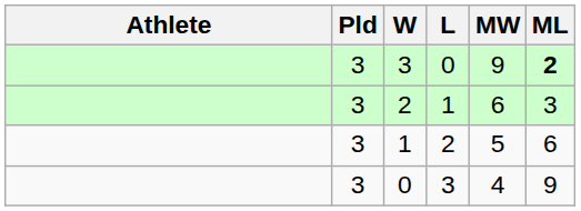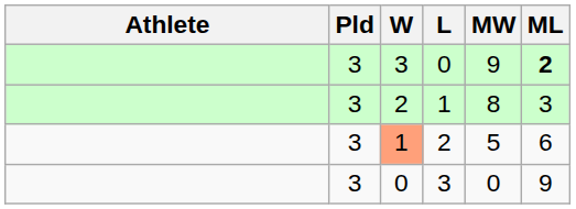 <table class="wikitable" style="text-align:center">
 <tr>
 <th width=200>Athlete</th>
 <th width=20>Pld</th>
 <th width=20>W</th>
 <th width=20>L</th>
 <th width=20>MW</th>
 <th width=20>ML</th>
 </tr>
 <tr bgcolor="ccffcc">
 <td style="text-align:left"></td>
 <td>3</td>
 <td>3</td>
 <td>0</td>
 <td>9</td>
 <td><strong>2</strong></td>
 </tr>
 <tr bgcolor="ccffcc">
 <td style="text-align:left"></td>
 <td>3</td>
 <td>2</td>
 <td>1</td>
-<td>6</td>
+<td>8</td>
 <td>3</td>
 </tr>
 <tr>
 <td style="text-align:left"></td>
 <td>3</td>
-<td>1</td>
+<td style="background: lightsalmon;">1</td>
 <td>2</td>
 <td>5</td>
 <td>6</td>
 </tr>
 <tr>
 <td style="text-align:left"></td>
 <td>3</td>
 <td>0</td>
 <td>3</td>
-<td>4</td>
+<td>0</td>
 <td>9</td>
 </tr>
 </table>
